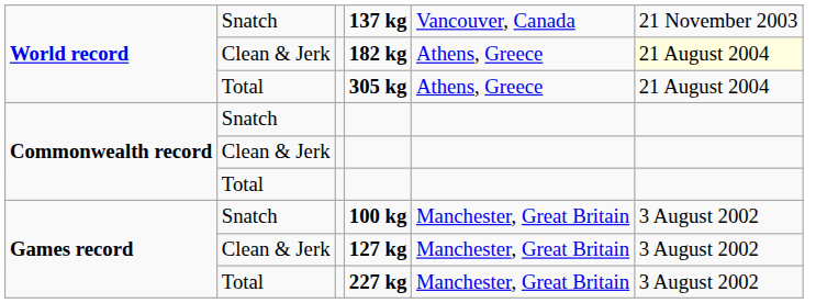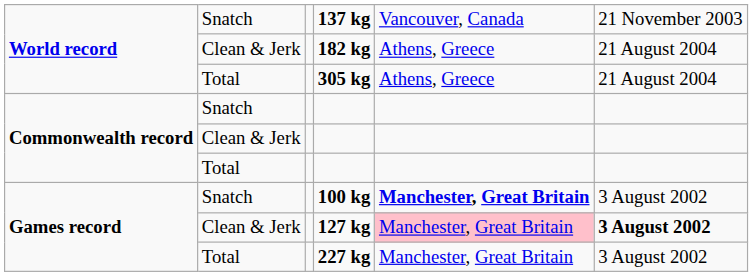 <table class="wikitable">
 <tr>
 <td rowspan=3><strong><a href='#'>World record</a></strong></td>
 <td>Snatch</td>
 <td></td>
 <td><strong>137 kg</strong></td>
 <td><a href='#'>Vancouver</a>, <a href='#'>Canada</a></td>
 <td>21 November 2003</td>
 </tr>
 <tr>
 <td>Clean & Jerk</td>
 <td></td>
 <td><strong>182 kg</strong></td>
 <td><a href='#'>Athens</a>, <a href='#'>Greece</a></td>
-<td style="background: lightyellow;">21 August 2004</td>
+<td>21 August 2004</td>
 </tr>
 <tr>
 <td>Total</td>
 <td></td>
 <td><strong>305 kg</strong></td>
 <td><a href='#'>Athens</a>, <a href='#'>Greece</a></td>
 <td>21 August 2004</td>
 </tr>
 <tr>
 <td rowspan=3><strong>Commonwealth record</strong></td>
 <td>Snatch</td>
 <td></td>
 <td></td>
 <td></td>
 <td></td>
 </tr>
 <tr>
 <td>Clean & Jerk</td>
 <td></td>
 <td></td>
 <td></td>
 <td></td>
 </tr>
 <tr>
 <td>Total</td>
 <td></td>
 <td></td>
 <td></td>
 <td></td>
 </tr>
 <tr>
 <td rowspan=3><strong>Games record</strong></td>
 <td>Snatch</td>
 <td></td>
 <td><strong>100 kg</strong></td>
-<td><a href='#'>Manchester</a>, <a href='#'>Great Britain</a></td>
+<td><strong><a href='#'>Manchester</a>, <a href='#'>Great Britain</a></strong></td>
 <td>3 August 2002</td>
 </tr>
 <tr>
 <td>Clean & Jerk</td>
 <td></td>
 <td><strong>127 kg</strong></td>
-<td><a href='#'>Manchester</a>, <a href='#'>Great Britain</a></td>
-<td>3 August 2002</td>
+<td style="background: pink;"><a href='#'>Manchester</a>, <a href='#'>Great Britain</a></td>
+<td><strong>3 August 2002</strong></td>
 </tr>
 <tr>
 <td>Total</td>
 <td></td>
 <td><strong>227 kg</strong></td>
 <td><a href='#'>Manchester</a>, <a href='#'>Great Britain</a></td>
 <td>3 August 2002</td>
 </tr>
 </table>
